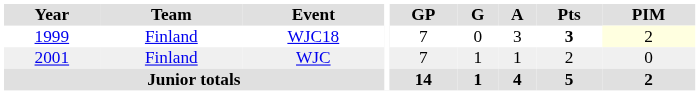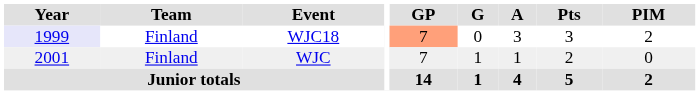 <table border="0" cellpadding="1" cellspacing="0" ID="Table3" style="text-align:center; width:40em">
 <tr ALIGN="center" bgcolor="#e0e0e0">
 <th>Year</th>
 <th>Team</th>
 <th>Event</th>
 <th rowspan="99" bgcolor="#ffffff"></th>
 <th>GP</th>
 <th>G</th>
 <th>A</th>
 <th>Pts</th>
 <th>PIM</th>
 </tr>
 <tr>
-<td><a href='#'>1999</a></td>
+<td style="background: lavender;"><a href='#'>1999</a></td>
 <td><a href='#'>Finland</a></td>
 <td><a href='#'>WJC18</a></td>
-<td>7</td>
+<td style="background: lightsalmon;">7</td>
 <td>0</td>
 <td>3</td>
-<td><strong>3</strong></td>
-<td style="background: lightyellow;">2</td>
+<td>3</td>
+<td>2</td>
 </tr>
 <tr bgcolor="#f0f0f0">
 <td><a href='#'>2001</a></td>
 <td><a href='#'>Finland</a></td>
 <td><a href='#'>WJC</a></td>
 <td>7</td>
 <td>1</td>
 <td>1</td>
 <td>2</td>
 <td>0</td>
 </tr>
 <tr bgcolor="#e0e0e0">
 <th colspan="3">Junior totals</th>
 <th>14</th>
 <th>1</th>
 <th>4</th>
 <th>5</th>
 <th>2</th>
 </tr>
 </table>
